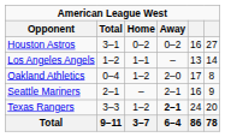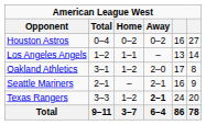 <table class="wikitable" style="font-size:85%; text-align:center;">
 <tr>
 <td colspan="7" style="text-align:center; "><span><strong>American League West</strong></span></td>
 </tr>
 <tr>
 <th>Opponent</th>
 <th>Total</th>
 <th>Home</th>
 <th>Away</th>
 <th></th>
 <th></th>
 </tr>
 <tr>
 <td style="text-align:left;"><a href='#'>Houston Astros</a></td>
-<td>3–1</td>
+<td>0–4</td>
 <td>0–2</td>
 <td>0–2</td>
 <td>16</td>
 <td>27</td>
 </tr>
 <tr>
 <td style="text-align:left;"><a href='#'>Los Angeles Angels</a></td>
 <td>1–2</td>
 <td>1–1</td>
 <td>–</td>
 <td>13</td>
 <td>14</td>
 </tr>
 <tr>
 <td style="text-align:left;"><a href='#'>Oakland Athletics</a></td>
-<td>0–4</td>
+<td>3–1</td>
 <td>1–2</td>
 <td>2–0</td>
 <td>17</td>
 <td>8</td>
 </tr>
 <tr>
 <td style="text-align:left;"><a href='#'>Seattle Mariners</a></td>
 <td>2–1</td>
 <td>–</td>
 <td>2–1</td>
 <td>16</td>
 <td>9</td>
 </tr>
 <tr>
 <td style="text-align:left;"><a href='#'>Texas Rangers</a></td>
 <td>3–3</td>
 <td>1–2</td>
 <td><strong>2–1</strong></td>
 <td>24</td>
 <td>20</td>
 </tr>
 <tr>
 <th>Total</th>
 <th>9–11</th>
 <th>3–7</th>
 <th>6–4</th>
 <th>86</th>
 <th>78</th>
 </tr>
 </table>
